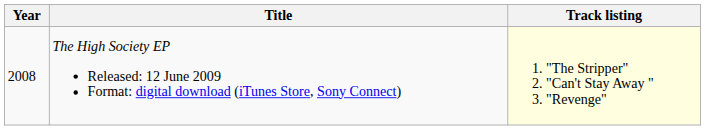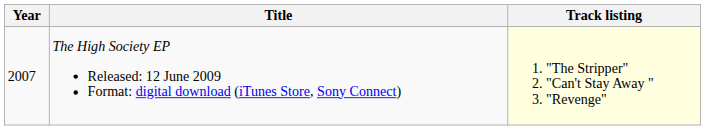 <table class="wikitable" style="width:50%">
 <tr>
 <th>Year</th>
 <th>Title</th>
 <th>Track listing</th>
 </tr>
 <tr>
-<td>2008</td>
+<td>2007</td>
 <td><em>The High Society EP</em><br><ul><li>Released: 12 June 2009</li><li>Format: <a href='#'>digital download</a> (<a href='#'>iTunes Store</a>, <a href='#'>Sony Connect</a>)</li></ul></td>
 <td style="background: lightyellow;"><br><ol><li>"The Stripper"</li><li>"Can't Stay Away "</li><li>"Revenge"</li></ol></td>
 </tr>
 </table>
